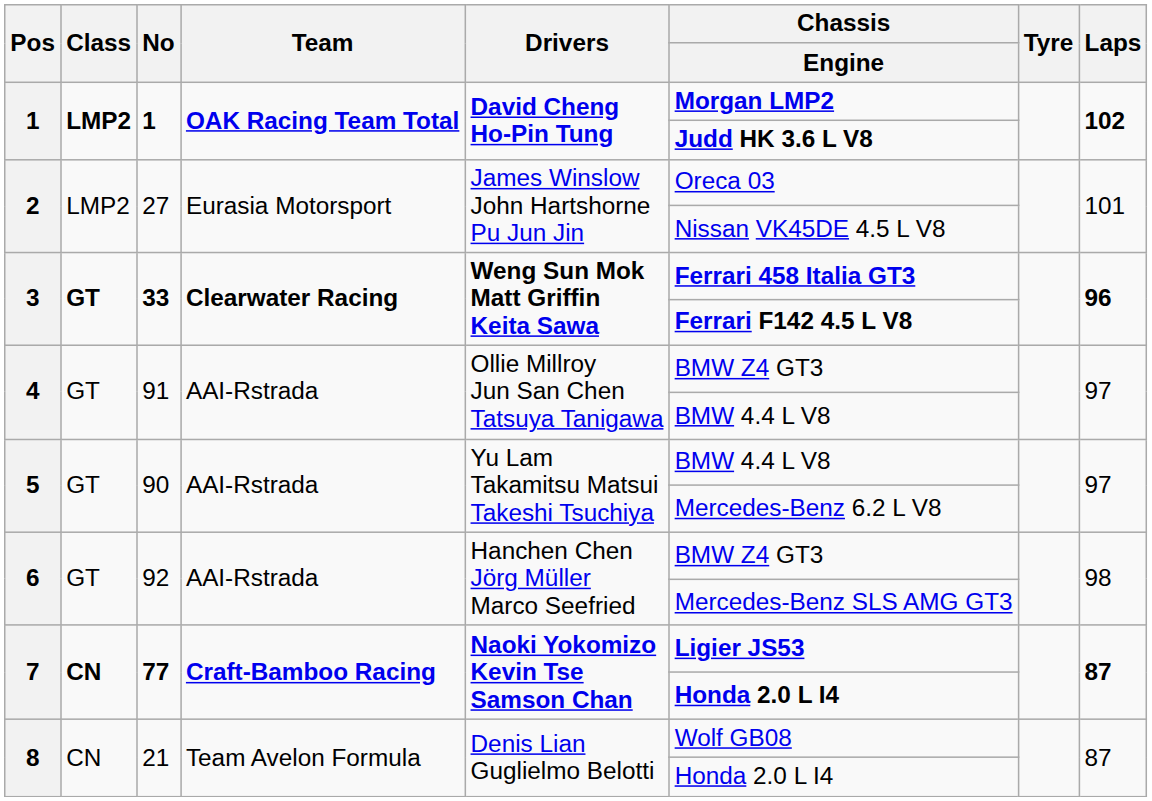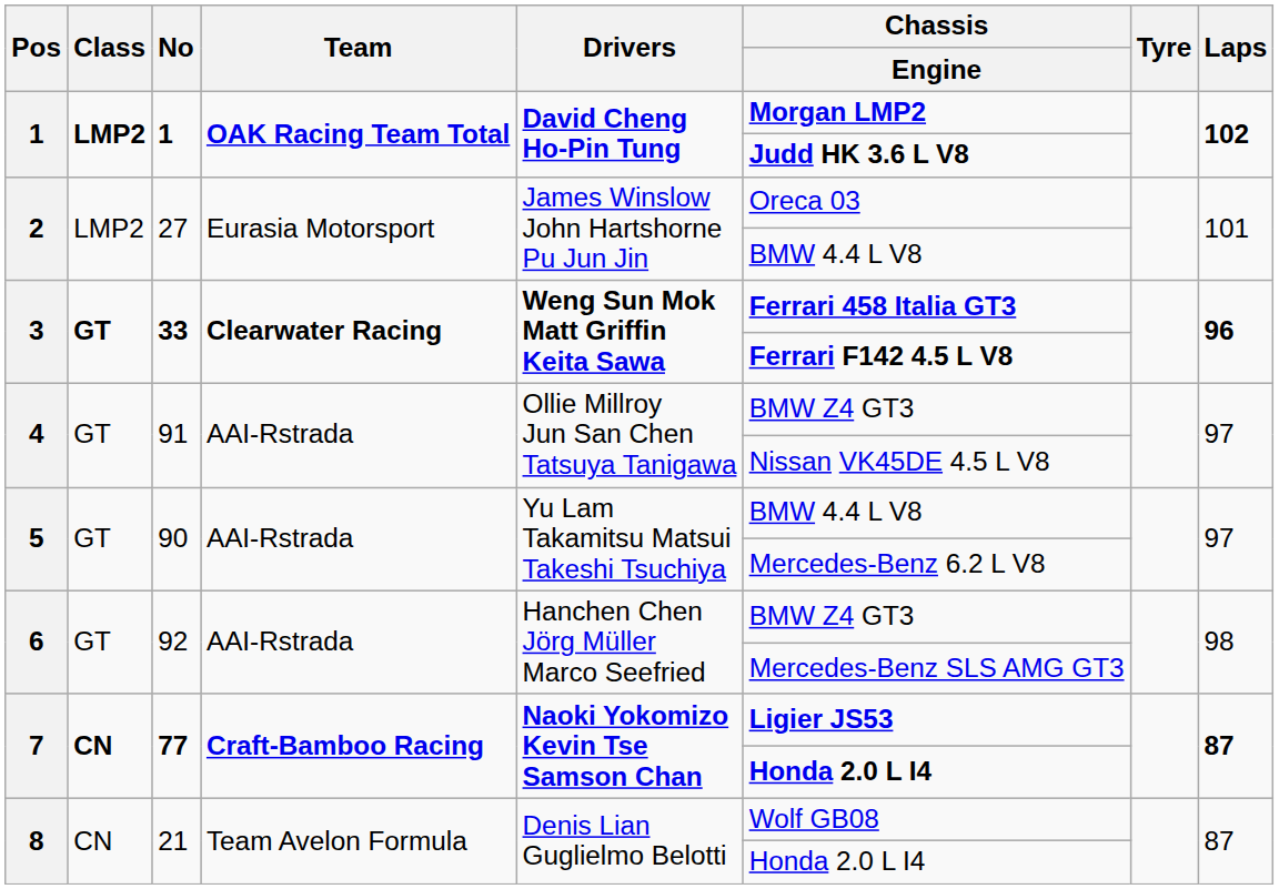 <table class="wikitable">
 <tr>
 <th rowspan="2">Pos</th>
 <th rowspan="2">Class</th>
 <th rowspan="2">No</th>
 <th rowspan="2">Team</th>
 <th rowspan="2">Drivers</th>
 <th>Chassis</th>
 <th rowspan="2">Tyre</th>
 <th rowspan="2">Laps</th>
 </tr>
 <tr>
 <th>Engine</th>
 </tr>
 <tr>
 <th rowspan="2">1</th>
 <td rowspan="2"><strong>LMP2</strong></td>
 <td rowspan="2"><strong>1</strong></td>
 <td rowspan="2"><strong> <a href='#'>OAK Racing Team Total</a></strong></td>
 <td rowspan="2"><strong> <a href='#'>David Cheng</a></strong><br><strong> <a href='#'>Ho-Pin Tung</a></strong></td>
 <td><strong><a href='#'>Morgan LMP2</a></strong></td>
 <td rowspan="2"></td>
 <td rowspan="2"><strong>102</strong></td>
 </tr>
 <tr>
 <td><strong><a href='#'>Judd</a> HK 3.6 L V8</strong></td>
 </tr>
 <tr>
 <th rowspan="2">2</th>
 <td rowspan="2">LMP2</td>
 <td rowspan="2">27</td>
 <td rowspan="2"> Eurasia Motorsport</td>
 <td rowspan="2"> <a href='#'>James Winslow</a><br> John Hartshorne<br> <a href='#'>Pu Jun Jin</a></td>
 <td><a href='#'>Oreca 03</a></td>
 <td rowspan="2"></td>
 <td rowspan="2">101</td>
 </tr>
 <tr>
-<td><a href='#'>Nissan</a> <a href='#'>VK45DE</a> 4.5 L V8</td>
+<td><a href='#'>BMW</a> 4.4 L V8</td>
 </tr>
 <tr>
 <th rowspan="2">3</th>
 <td rowspan="2"><strong>GT</strong></td>
 <td rowspan="2"><strong>33</strong></td>
 <td rowspan="2"><strong> Clearwater Racing</strong></td>
 <td rowspan="2"><strong> Weng Sun Mok</strong><br><strong> Matt Griffin</strong><br><strong> <a href='#'>Keita Sawa</a></strong></td>
 <td><a href='#'><strong>Ferrari 458 Italia GT3</strong></a></td>
 <td rowspan="2"></td>
 <td rowspan="2"><strong>96</strong></td>
 </tr>
 <tr>
 <td><strong><a href='#'>Ferrari</a> F142 4.5 L V8</strong></td>
 </tr>
 <tr>
 <th rowspan="2">4</th>
 <td rowspan="2">GT</td>
 <td rowspan="2">91</td>
 <td rowspan="2"> AAI-Rstrada</td>
 <td rowspan="2"> Ollie Millroy<br> Jun San Chen<br> <a href='#'>Tatsuya Tanigawa</a></td>
 <td><a href='#'>BMW Z4</a> GT3</td>
 <td rowspan="2"></td>
 <td rowspan="2">97</td>
 </tr>
 <tr>
-<td><a href='#'>BMW</a> 4.4 L V8</td>
+<td><a href='#'>Nissan</a> <a href='#'>VK45DE</a> 4.5 L V8</td>
 </tr>
 <tr>
 <th rowspan="2">5</th>
 <td rowspan="2">GT</td>
 <td rowspan="2">90</td>
 <td rowspan="2"> AAI-Rstrada</td>
 <td rowspan="2"> Yu Lam<br> Takamitsu Matsui<br> <a href='#'>Takeshi Tsuchiya</a></td>
 <td><a href='#'>BMW</a> 4.4 L V8</td>
 <td rowspan="2"></td>
 <td rowspan="2">97</td>
 </tr>
 <tr>
 <td><a href='#'>Mercedes-Benz</a> 6.2 L V8</td>
 </tr>
 <tr>
 <th rowspan="2">6</th>
 <td rowspan="2">GT</td>
 <td rowspan="2">92</td>
 <td rowspan="2"> AAI-Rstrada</td>
 <td rowspan="2"> Hanchen Chen<br> <a href='#'>Jörg Müller</a><br> Marco Seefried</td>
 <td><a href='#'>BMW Z4</a> GT3</td>
 <td rowspan="2"></td>
 <td rowspan="2">98</td>
 </tr>
 <tr>
 <td><a href='#'>Mercedes-Benz SLS AMG GT3</a></td>
 </tr>
 <tr>
 <th rowspan="2">7</th>
 <td rowspan="2"><strong>CN</strong></td>
 <td rowspan="2"><strong>77</strong></td>
 <td rowspan="2"><strong> <a href='#'>Craft-Bamboo Racing</a></strong></td>
 <td rowspan="2"><strong> <a href='#'>Naoki Yokomizo</a></strong><br><strong> <a href='#'>Kevin Tse</a></strong><br><strong> <a href='#'>Samson Chan</a></strong></td>
 <td><strong><a href='#'>Ligier JS53</a></strong></td>
 <td rowspan="2"></td>
 <td rowspan="2"><strong>87</strong></td>
 </tr>
 <tr>
 <td><strong><a href='#'>Honda</a> 2.0 L I4</strong></td>
 </tr>
 <tr>
 <th rowspan="2">8</th>
 <td rowspan="2">CN</td>
 <td rowspan="2">21</td>
 <td rowspan="2"> Team Avelon Formula</td>
 <td rowspan="2"> <a href='#'>Denis Lian</a><br> Guglielmo Belotti</td>
 <td><a href='#'>Wolf GB08</a></td>
 <td rowspan="2"></td>
 <td rowspan="2">87</td>
 </tr>
 <tr>
 <td><a href='#'>Honda</a> 2.0 L I4</td>
 </tr>
 </table>
